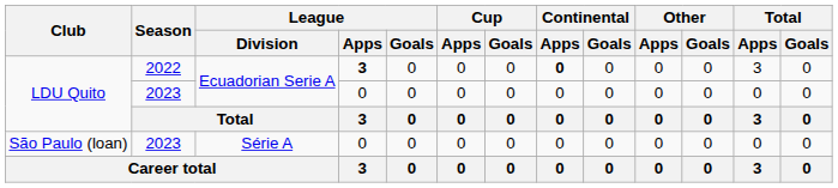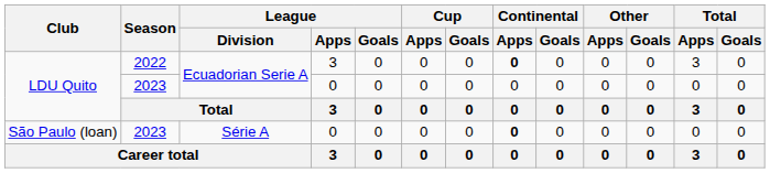 <table class=wikitable style=text-align:center>
 <tr>
 <th rowspan=2>Club</th>
 <th rowspan=2>Season</th>
 <th colspan=3>League</th>
 <th colspan=2>Cup</th>
 <th colspan=2>Continental</th>
 <th colspan=2>Other</th>
 <th colspan=2>Total</th>
 </tr>
 <tr>
 <th>Division</th>
 <th>Apps</th>
 <th>Goals</th>
 <th>Apps</th>
 <th>Goals</th>
 <th>Apps</th>
 <th>Goals</th>
 <th>Apps</th>
 <th>Goals</th>
 <th>Apps</th>
 <th>Goals</th>
 </tr>
 <tr>
 <td rowspan="3"><a href='#'>LDU Quito</a></td>
 <td><a href='#'>2022</a></td>
 <td rowspan="2"><a href='#'>Ecuadorian Serie A</a></td>
-<td><strong>3</strong></td>
+<td>3</td>
 <td>0</td>
 <td>0</td>
 <td>0</td>
 <td><strong>0</strong></td>
 <td>0</td>
 <td>0</td>
 <td>0</td>
 <td>3</td>
 <td>0</td>
 </tr>
 <tr>
 <td><a href='#'>2023</a></td>
 <td>0</td>
 <td>0</td>
 <td>0</td>
 <td>0</td>
 <td>0</td>
 <td>0</td>
 <td>0</td>
 <td>0</td>
 <td>0</td>
 <td>0</td>
 </tr>
 <tr>
 <th colspan=2>Total</th>
 <th>3</th>
 <th>0</th>
 <th>0</th>
 <th>0</th>
 <th>0</th>
 <th>0</th>
 <th>0</th>
 <th>0</th>
 <th>3</th>
 <th>0</th>
 </tr>
 <tr>
 <td><a href='#'>São Paulo</a> (loan)</td>
 <td><a href='#'>2023</a></td>
 <td><a href='#'>Série A</a></td>
 <td>0</td>
 <td>0</td>
 <td>0</td>
 <td>0</td>
-<td>0</td>
+<td><strong>0</strong></td>
 <td>0</td>
 <td>0</td>
 <td>0</td>
 <td>0</td>
 <td>0</td>
 </tr>
 <tr>
 <th colspan=3>Career total</th>
 <th>3</th>
 <th>0</th>
 <th>0</th>
 <th>0</th>
 <th>0</th>
 <th>0</th>
 <th>0</th>
 <th>0</th>
 <th>3</th>
 <th>0</th>
 </tr>
 </table>
